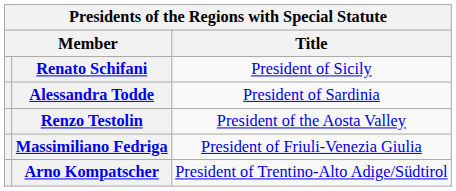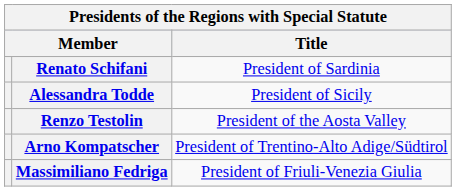 <table class="wikitable" style="text-align: center;">
 <tr>
 <th colspan="3" style="text-align: center;"><strong>Presidents of the Regions with Special Statute</strong></th>
 </tr>
 <tr style="background:LightSteelBlue; text-align:center;">
 <th colspan="2">Member</th>
 <th>Title</th>
 </tr>
 <tr>
 <th></th>
 <th><a href='#'>Renato Schifani</a></th>
-<td><a href='#'>President of Sicily</a></td>
+<td><a href='#'>President of Sardinia</a></td>
 </tr>
 <tr>
 <th></th>
 <th><a href='#'>Alessandra Todde</a></th>
-<td><a href='#'>President of Sardinia</a></td>
+<td><a href='#'>President of Sicily</a></td>
 </tr>
 <tr>
 <th></th>
 <th><a href='#'>Renzo Testolin</a></th>
 <td><a href='#'>President of the Aosta Valley</a></td>
 </tr>
 <tr>
 <th></th>
+<th><a href='#'>Arno Kompatscher</a></th>
+<td><a href='#'>President of Trentino-Alto Adige/Südtirol</a></td>
+</tr>
+<tr>
+<th></th>
 <th><a href='#'>Massimiliano Fedriga</a></th>
 <td><a href='#'>President of Friuli-Venezia Giulia</a></td>
 </tr>
-<tr>
-<th></th>
-<th><a href='#'>Arno Kompatscher</a></th>
-<td><a href='#'>President of Trentino-Alto Adige/Südtirol</a></td>
-</tr>
 </table>
